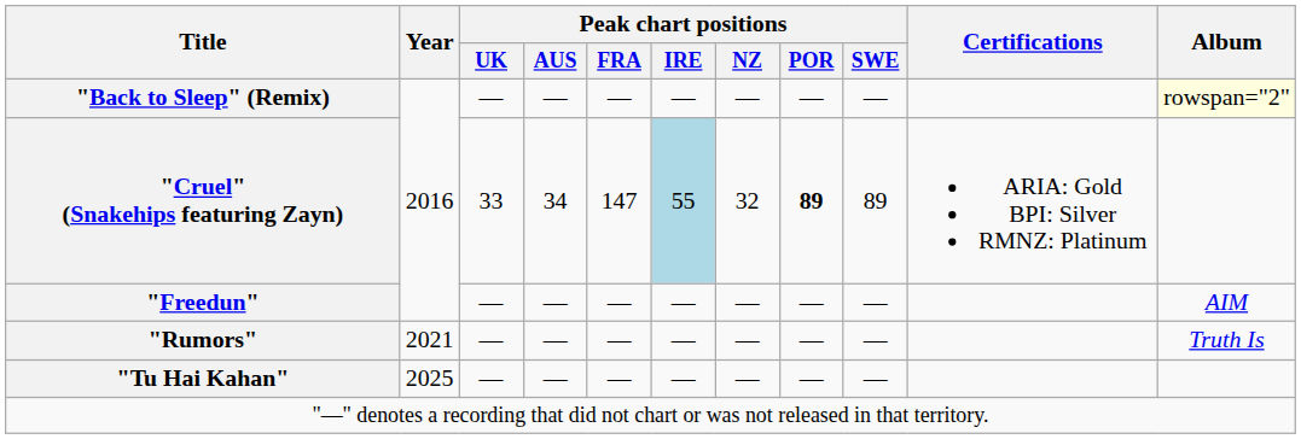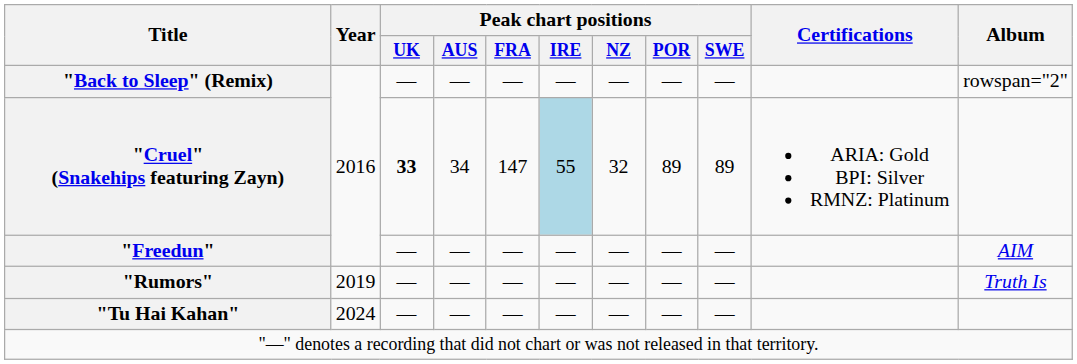 <table class="wikitable plainrowheaders" style="text-align:center;">
 <tr>
 <th scope="col" rowspan="2" style="width:16em;">Title</th>
 <th scope="col" rowspan="2">Year</th>
 <th scope="col" colspan="7">Peak chart positions</th>
 <th scope="col" rowspan="2" style="width:10em;"><a href='#'>Certifications</a></th>
 <th scope="col" rowspan="2">Album</th>
 </tr>
 <tr>
 <th scope="col" style="width:2.5em;font-size:90%;"><a href='#'>UK</a><br></th>
 <th scope="col" style="width:2.5em;font-size:90%;"><a href='#'>AUS</a><br></th>
 <th scope="col" style="width:2.5em;font-size:90%;"><a href='#'>FRA</a><br></th>
 <th scope="col" style="width:2.5em;font-size:90%;"><a href='#'>IRE</a><br></th>
 <th scope="col" style="width:2.5em;font-size:90%;"><a href='#'>NZ</a><br></th>
 <th scope="col" style="width:2.5em;font-size:90%;"><a href='#'>POR</a><br></th>
 <th scope="col" style="width:2.5em;font-size:90%;"><a href='#'>SWE</a><br></th>
 </tr>
 <tr>
 <th scope="row">"<a href='#'>Back to Sleep</a>" (Remix)<br></th>
 <td rowspan="3">2016</td>
 <td>—</td>
 <td>—</td>
 <td>—</td>
 <td>—</td>
 <td>—</td>
 <td>—</td>
 <td>—</td>
 <td></td>
-<td style="background: lightyellow;">rowspan="2" </td>
+<td>rowspan="2" </td>
 </tr>
 <tr>
 <th scope="row">"<a href='#'>Cruel</a>"<br><span>(<a href='#'>Snakehips</a> featuring Zayn)</span></th>
-<td>33</td>
+<td><strong>33</strong></td>
 <td>34</td>
 <td>147</td>
 <td style="background: lightblue;">55</td>
 <td>32</td>
-<td><strong>89</strong></td>
+<td>89</td>
 <td>89</td>
 <td><br><ul><li>ARIA: Gold</li><li>BPI: Silver</li><li>RMNZ: Platinum</li></ul></td>
 </tr>
 <tr>
 <th scope="row">"<a href='#'>Freedun</a>"<br></th>
 <td>—</td>
 <td>—</td>
 <td>—</td>
 <td>—</td>
 <td>—</td>
 <td>—</td>
 <td>—</td>
 <td></td>
 <td><em><a href='#'>AIM</a></em></td>
 </tr>
 <tr>
 <th scope="row">"Rumors"<br></th>
-<td>2021</td>
+<td>2019</td>
 <td>—</td>
 <td>—</td>
 <td>—</td>
 <td>—</td>
 <td>—</td>
 <td>—</td>
 <td>—</td>
 <td></td>
 <td><em><a href='#'>Truth Is</a></em></td>
 </tr>
 <tr>
 <th scope="row">"Tu Hai Kahan"<br></th>
-<td>2025</td>
+<td>2024</td>
 <td>—</td>
 <td>—</td>
 <td>—</td>
 <td>—</td>
 <td>—</td>
 <td>—</td>
 <td>—</td>
 <td></td>
 <td></td>
 </tr>
 <tr>
 <td colspan="11" style="font-size:90%">"—" denotes a recording that did not chart or was not released in that territory.</td>
 </tr>
 </table>
